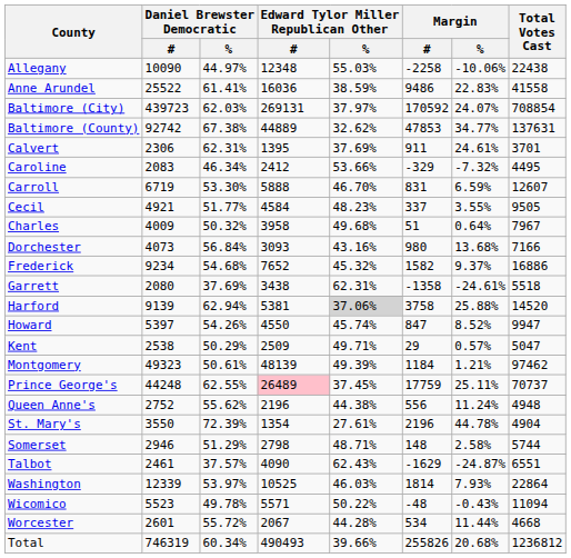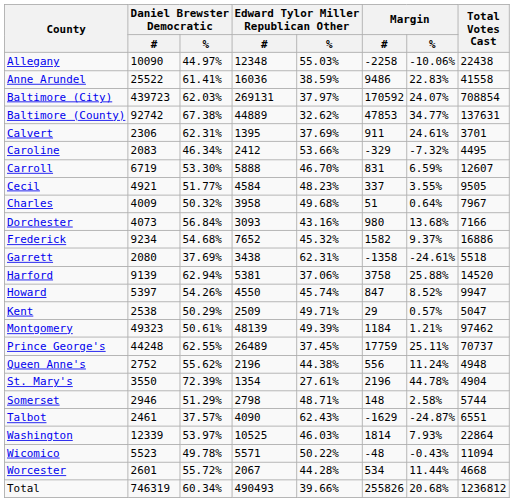 <table class="wikitable sortable">
 <tr>
 <th rowspan="2">County</th>
 <th colspan="2" >Daniel Brewster<br>Democratic</th>
 <th colspan="2" >Edward Tylor Miller<br>Republican Other</th>
 <th colspan="2">Margin</th>
 <th rowspan="2">Total<br>Votes<br>Cast</th>
 </tr>
 <tr>
 <th>#</th>
 <th>%</th>
 <th>#</th>
 <th>%</th>
 <th>#</th>
 <th>%</th>
 </tr>
 <tr>
 <td><a href='#'>Allegany</a></td>
 <td>10090</td>
 <td>44.97%</td>
 <td>12348</td>
 <td>55.03%</td>
 <td>-2258</td>
 <td>-10.06%</td>
 <td>22438</td>
 </tr>
 <tr>
 <td><a href='#'>Anne Arundel</a></td>
 <td>25522</td>
 <td>61.41%</td>
 <td>16036</td>
 <td>38.59%</td>
 <td>9486</td>
 <td>22.83%</td>
 <td>41558</td>
 </tr>
 <tr>
 <td><a href='#'>Baltimore (City)</a></td>
 <td>439723</td>
 <td>62.03%</td>
 <td>269131</td>
 <td>37.97%</td>
 <td>170592</td>
 <td>24.07%</td>
 <td>708854</td>
 </tr>
 <tr>
 <td><a href='#'>Baltimore (County)</a></td>
 <td>92742</td>
 <td>67.38%</td>
 <td>44889</td>
 <td>32.62%</td>
 <td>47853</td>
 <td>34.77%</td>
 <td>137631</td>
 </tr>
 <tr>
 <td><a href='#'>Calvert</a></td>
 <td>2306</td>
 <td>62.31%</td>
 <td>1395</td>
 <td>37.69%</td>
 <td>911</td>
 <td>24.61%</td>
 <td>3701</td>
 </tr>
 <tr>
 <td><a href='#'>Caroline</a></td>
 <td>2083</td>
 <td>46.34%</td>
 <td>2412</td>
 <td>53.66%</td>
 <td>-329</td>
 <td>-7.32%</td>
 <td>4495</td>
 </tr>
 <tr>
 <td><a href='#'>Carroll</a></td>
 <td>6719</td>
 <td>53.30%</td>
 <td>5888</td>
 <td>46.70%</td>
 <td>831</td>
 <td>6.59%</td>
 <td>12607</td>
 </tr>
 <tr>
 <td><a href='#'>Cecil</a></td>
 <td>4921</td>
 <td>51.77%</td>
 <td>4584</td>
 <td>48.23%</td>
 <td>337</td>
 <td>3.55%</td>
 <td>9505</td>
 </tr>
 <tr>
 <td><a href='#'>Charles</a></td>
 <td>4009</td>
 <td>50.32%</td>
 <td>3958</td>
 <td>49.68%</td>
 <td>51</td>
 <td>0.64%</td>
 <td>7967</td>
 </tr>
 <tr>
 <td><a href='#'>Dorchester</a></td>
 <td>4073</td>
 <td>56.84%</td>
 <td>3093</td>
 <td>43.16%</td>
 <td>980</td>
 <td>13.68%</td>
 <td>7166</td>
 </tr>
 <tr>
 <td><a href='#'>Frederick</a></td>
 <td>9234</td>
 <td>54.68%</td>
 <td>7652</td>
 <td>45.32%</td>
 <td>1582</td>
 <td>9.37%</td>
 <td>16886</td>
 </tr>
 <tr>
 <td><a href='#'>Garrett</a></td>
 <td>2080</td>
 <td>37.69%</td>
 <td>3438</td>
 <td>62.31%</td>
 <td>-1358</td>
 <td>-24.61%</td>
 <td>5518</td>
 </tr>
 <tr>
 <td><a href='#'>Harford</a></td>
 <td>9139</td>
 <td>62.94%</td>
 <td>5381</td>
-<td style="background: lightgrey;">37.06%</td>
+<td>37.06%</td>
 <td>3758</td>
 <td>25.88%</td>
 <td>14520</td>
 </tr>
 <tr>
 <td><a href='#'>Howard</a></td>
 <td>5397</td>
 <td>54.26%</td>
 <td>4550</td>
 <td>45.74%</td>
 <td>847</td>
 <td>8.52%</td>
 <td>9947</td>
 </tr>
 <tr>
 <td><a href='#'>Kent</a></td>
 <td>2538</td>
 <td>50.29%</td>
 <td>2509</td>
 <td>49.71%</td>
 <td>29</td>
 <td>0.57%</td>
 <td>5047</td>
 </tr>
 <tr>
 <td><a href='#'>Montgomery</a></td>
 <td>49323</td>
 <td>50.61%</td>
 <td>48139</td>
 <td>49.39%</td>
 <td>1184</td>
 <td>1.21%</td>
 <td>97462</td>
 </tr>
 <tr>
 <td><a href='#'>Prince George's</a></td>
 <td>44248</td>
 <td>62.55%</td>
-<td style="background: pink;">26489</td>
+<td>26489</td>
 <td>37.45%</td>
 <td>17759</td>
 <td>25.11%</td>
 <td>70737</td>
 </tr>
 <tr>
 <td><a href='#'>Queen Anne's</a></td>
 <td>2752</td>
 <td>55.62%</td>
 <td>2196</td>
 <td>44.38%</td>
 <td>556</td>
 <td>11.24%</td>
 <td>4948</td>
 </tr>
 <tr>
 <td><a href='#'>St. Mary's</a></td>
 <td>3550</td>
 <td>72.39%</td>
 <td>1354</td>
 <td>27.61%</td>
 <td>2196</td>
 <td>44.78%</td>
 <td>4904</td>
 </tr>
 <tr>
 <td><a href='#'>Somerset</a></td>
 <td>2946</td>
 <td>51.29%</td>
 <td>2798</td>
 <td>48.71%</td>
 <td>148</td>
 <td>2.58%</td>
 <td>5744</td>
 </tr>
 <tr>
 <td><a href='#'>Talbot</a></td>
 <td>2461</td>
 <td>37.57%</td>
 <td>4090</td>
 <td>62.43%</td>
 <td>-1629</td>
 <td>-24.87%</td>
 <td>6551</td>
 </tr>
 <tr>
 <td><a href='#'>Washington</a></td>
 <td>12339</td>
 <td>53.97%</td>
 <td>10525</td>
 <td>46.03%</td>
 <td>1814</td>
 <td>7.93%</td>
 <td>22864</td>
 </tr>
 <tr>
 <td><a href='#'>Wicomico</a></td>
 <td>5523</td>
 <td>49.78%</td>
 <td>5571</td>
 <td>50.22%</td>
 <td>-48</td>
 <td>-0.43%</td>
 <td>11094</td>
 </tr>
 <tr>
 <td><a href='#'>Worcester</a></td>
 <td>2601</td>
 <td>55.72%</td>
 <td>2067</td>
 <td>44.28%</td>
 <td>534</td>
 <td>11.44%</td>
 <td>4668</td>
 </tr>
 <tr>
 <td>Total</td>
 <td>746319</td>
 <td>60.34%</td>
 <td>490493</td>
 <td>39.66%</td>
 <td>255826</td>
 <td>20.68%</td>
 <td>1236812</td>
 </tr>
 </table>
